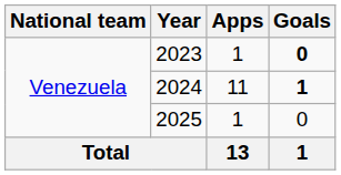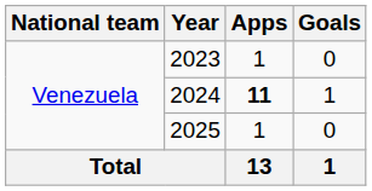 <table class=wikitable style=text-align:center>
 <tr>
 <th>National team</th>
 <th>Year</th>
 <th>Apps</th>
 <th>Goals</th>
 </tr>
 <tr>
 <td rowspan="3"><a href='#'>Venezuela</a></td>
 <td>2023</td>
 <td>1</td>
-<td><strong>0</strong></td>
+<td>0</td>
 </tr>
 <tr>
 <td>2024</td>
-<td>11</td>
-<td><strong>1</strong></td>
+<td><strong>11</strong></td>
+<td>1</td>
 </tr>
 <tr>
 <td>2025</td>
 <td>1</td>
 <td>0</td>
 </tr>
 <tr>
 <th colspan="2">Total</th>
 <th>13</th>
 <th>1</th>
 </tr>
 </table>
